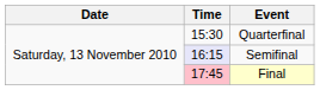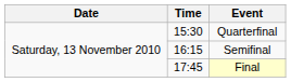 <table class = "wikitable" style="text-align:center;">
 <tr>
 <th width=220>Date</th>
 <th width=50>Time</th>
 <th width=100>Event</th>
 </tr>
 <tr>
 <td rowspan=3>Saturday, 13 November 2010</td>
 <td>15:30</td>
 <td>Quarterfinal</td>
 </tr>
 <tr>
-<td style="background: lavender;">16:15</td>
+<td>16:15</td>
 <td>Semifinal</td>
 </tr>
 <tr>
-<td style="background: pink;">17:45</td>
+<td>17:45</td>
 <td bgcolor=ffffcc>Final</td>
 </tr>
 </table>
